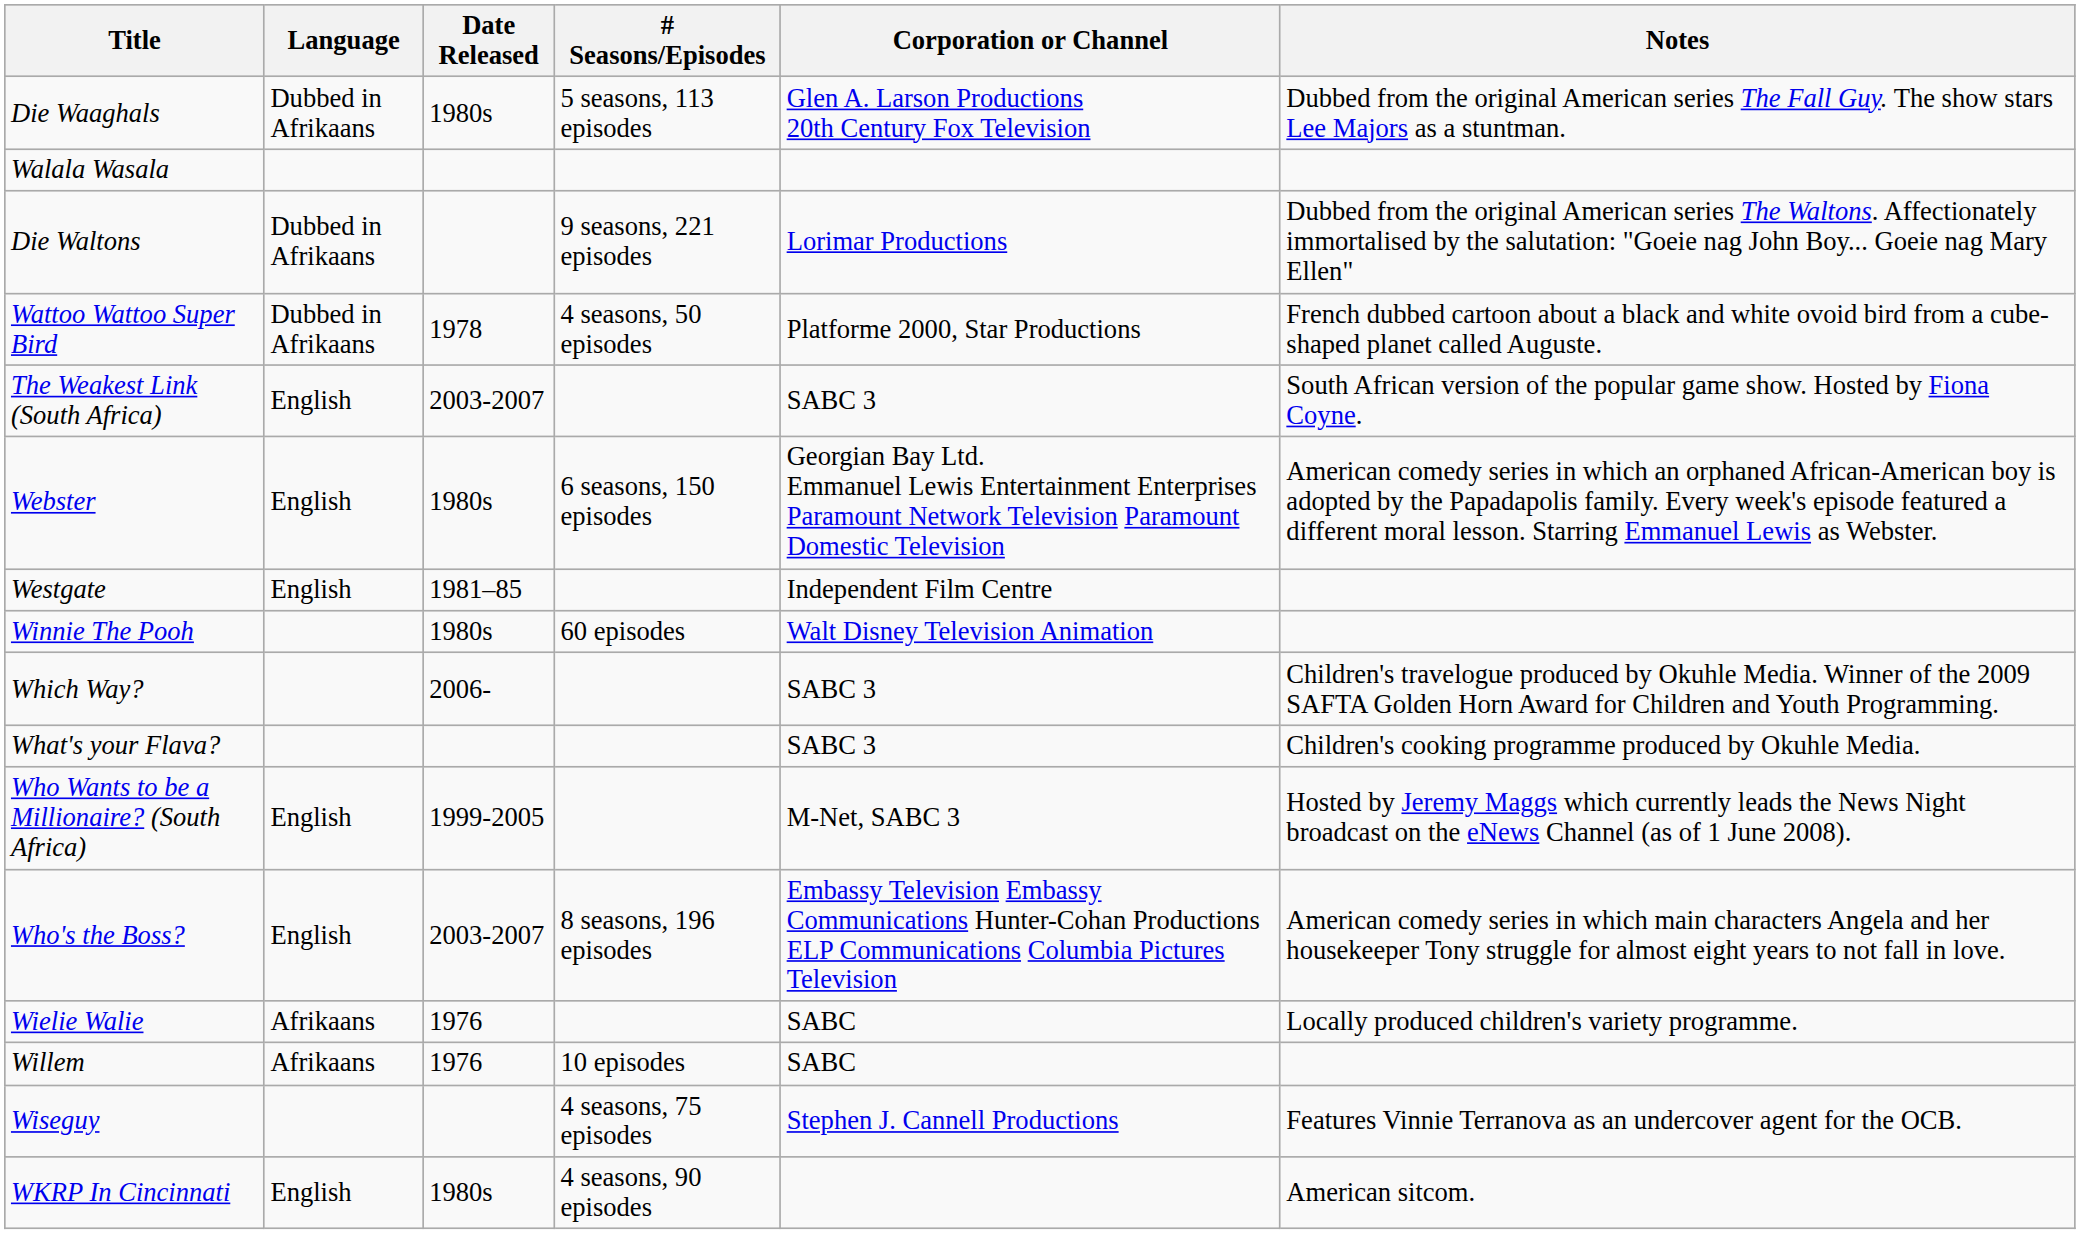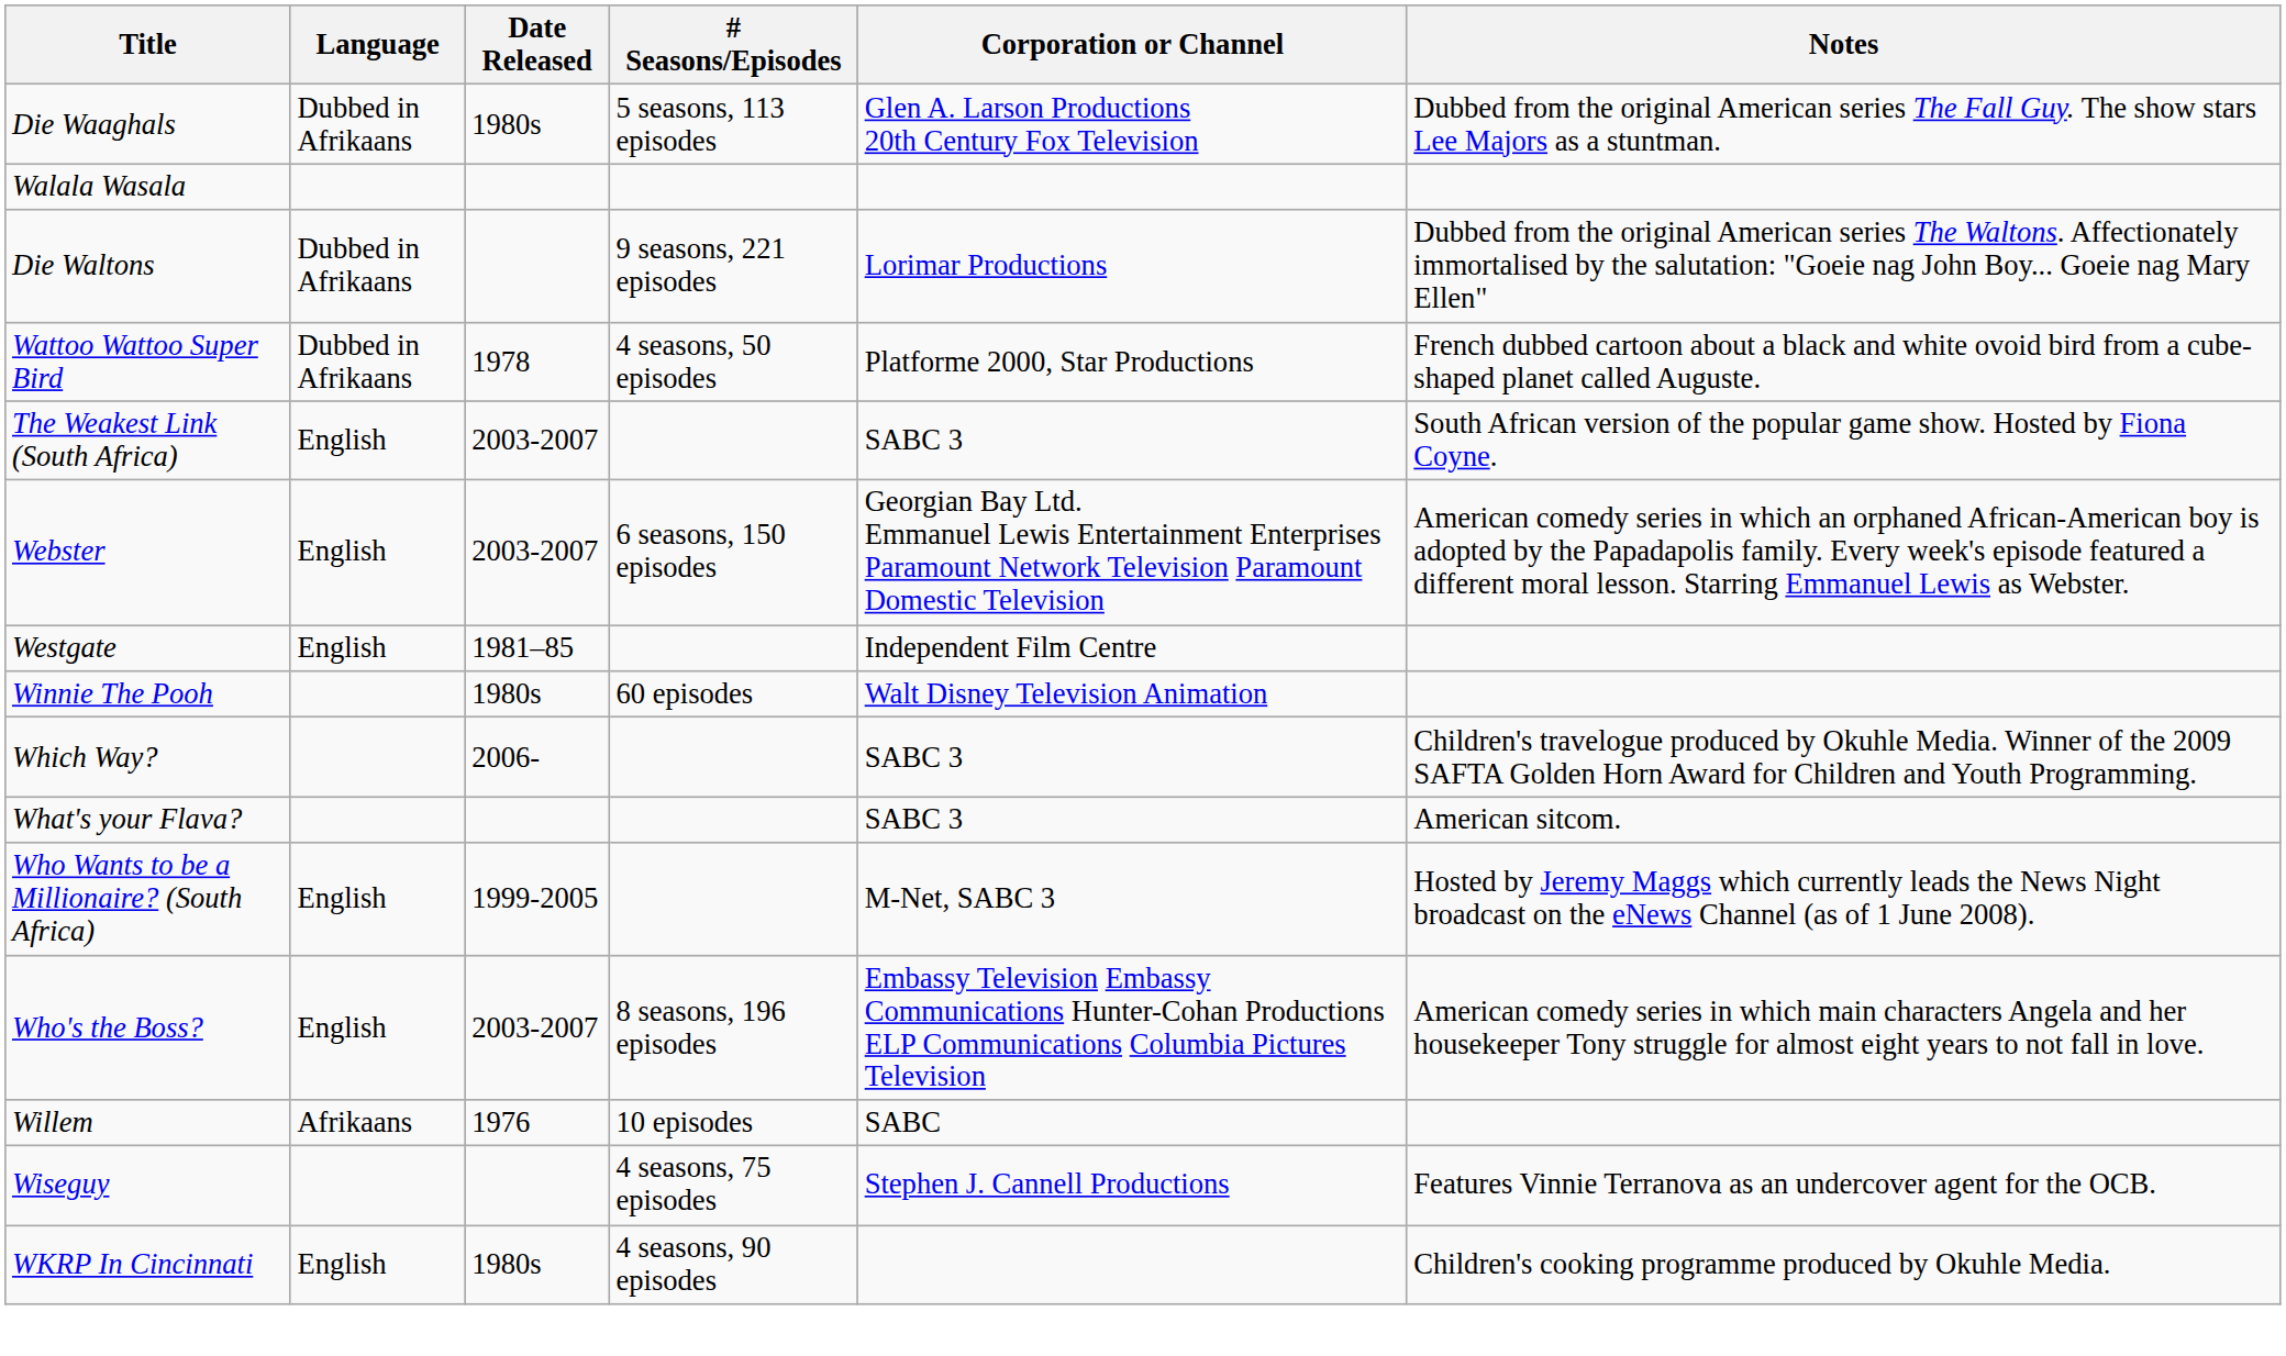 <table class="wikitable sortable">
 <tr>
 <th>Title</th>
 <th>Language</th>
 <th>Date Released</th>
 <th># Seasons/Episodes</th>
 <th>Corporation or Channel</th>
 <th>Notes</th>
 </tr>
 <tr>
 <td><em>Die Waaghals</em></td>
 <td>Dubbed in Afrikaans</td>
 <td>1980s</td>
 <td>5 seasons, 113 episodes</td>
 <td><a href='#'>Glen A. Larson Productions</a><br><a href='#'>20th Century Fox Television</a></td>
 <td>Dubbed from the original American series <em><a href='#'>The Fall Guy</a>.</em> The show stars <a href='#'>Lee Majors</a> as a stuntman.</td>
 </tr>
 <tr>
 <td><em>Walala Wasala</em></td>
 <td></td>
 <td></td>
 <td></td>
 <td></td>
 <td></td>
 </tr>
 <tr>
 <td><em>Die Waltons</em></td>
 <td>Dubbed in Afrikaans</td>
 <td></td>
 <td>9 seasons, 221 episodes</td>
 <td><a href='#'>Lorimar Productions</a></td>
 <td>Dubbed from the original American series <em><a href='#'>The Waltons</a></em>. Affectionately immortalised by the salutation: "Goeie nag John Boy... Goeie nag Mary Ellen"</td>
 </tr>
 <tr>
 <td><em><a href='#'>Wattoo Wattoo Super Bird</a></em></td>
 <td>Dubbed in Afrikaans</td>
 <td>1978</td>
 <td>4 seasons, 50 episodes</td>
 <td>Platforme 2000, Star Productions</td>
 <td>French dubbed cartoon about a black and white ovoid bird from a cube-shaped planet called Auguste.</td>
 </tr>
 <tr>
 <td><em><a href='#'>The Weakest Link</a> (South Africa)</em></td>
 <td>English</td>
 <td>2003-2007</td>
 <td></td>
 <td>SABC 3</td>
 <td>South African version of the popular game show. Hosted by <a href='#'>Fiona Coyne</a>.</td>
 </tr>
 <tr>
 <td><em><a href='#'>Webster</a></em></td>
 <td>English</td>
-<td>1980s</td>
+<td>2003-2007</td>
 <td>6 seasons, 150 episodes</td>
 <td>Georgian Bay Ltd.<br>Emmanuel Lewis Entertainment Enterprises <a href='#'>Paramount Network Television</a> <a href='#'>Paramount Domestic Television</a></td>
 <td>American comedy series in which an orphaned African-American boy is adopted by the Papadapolis family. Every week's episode featured a different moral lesson. Starring <a href='#'>Emmanuel Lewis</a> as Webster.</td>
 </tr>
 <tr>
 <td><em>Westgate</em></td>
 <td>English</td>
 <td>1981–85</td>
 <td></td>
 <td>Independent Film Centre</td>
 <td></td>
 </tr>
 <tr>
 <td><em><a href='#'>Winnie The Pooh</a></em></td>
 <td></td>
 <td>1980s</td>
 <td>60 episodes</td>
 <td><a href='#'>Walt Disney Television Animation</a></td>
 <td></td>
 </tr>
 <tr>
 <td><em>Which Way?</em></td>
 <td></td>
 <td>2006-</td>
 <td></td>
 <td>SABC 3</td>
 <td>Children's travelogue produced by Okuhle Media. Winner of the 2009 SAFTA Golden Horn Award for Children and Youth Programming.</td>
 </tr>
 <tr>
 <td><em>What's your Flava?</em></td>
 <td></td>
 <td></td>
 <td></td>
 <td>SABC 3</td>
-<td>Children's cooking programme produced by Okuhle Media.</td>
+<td>American sitcom.</td>
 </tr>
 <tr>
 <td><em><a href='#'>Who Wants to be a Millionaire?</a> (South Africa)</em></td>
 <td>English</td>
 <td>1999-2005</td>
 <td></td>
 <td>M-Net, SABC 3</td>
 <td>Hosted by <a href='#'>Jeremy Maggs</a> which currently leads the News Night broadcast on the <a href='#'>eNews</a> Channel (as of 1 June 2008).</td>
 </tr>
 <tr>
 <td><em><a href='#'>Who's the Boss?</a></em></td>
 <td>English</td>
 <td>2003-2007</td>
 <td>8 seasons, 196 episodes</td>
 <td><a href='#'>Embassy Television</a> <a href='#'>Embassy Communications</a> Hunter-Cohan Productions<br><a href='#'>ELP Communications</a> <a href='#'>Columbia Pictures Television</a></td>
 <td>American comedy series in which main characters Angela and her housekeeper Tony struggle for almost eight years to not fall in love.</td>
-</tr>
-<tr>
-<td><em><a href='#'>Wielie Walie</a></em></td>
-<td>Afrikaans</td>
-<td>1976</td>
-<td></td>
-<td>SABC</td>
-<td>Locally produced children's variety programme.</td>
 </tr>
 <tr>
 <td><em>Willem</em></td>
 <td>Afrikaans</td>
 <td>1976</td>
 <td>10 episodes</td>
 <td>SABC</td>
 <td></td>
 </tr>
 <tr>
 <td><em><a href='#'>Wiseguy</a></em></td>
 <td></td>
 <td></td>
 <td>4 seasons, 75 episodes</td>
 <td><a href='#'>Stephen J. Cannell Productions</a></td>
 <td>Features Vinnie Terranova as an undercover agent for the OCB.</td>
 </tr>
 <tr>
 <td><em><a href='#'>WKRP In Cincinnati</a></em></td>
 <td>English</td>
 <td>1980s</td>
 <td>4 seasons, 90 episodes</td>
 <td></td>
-<td>American sitcom.</td>
+<td>Children's cooking programme produced by Okuhle Media.</td>
 </tr>
 </table>
